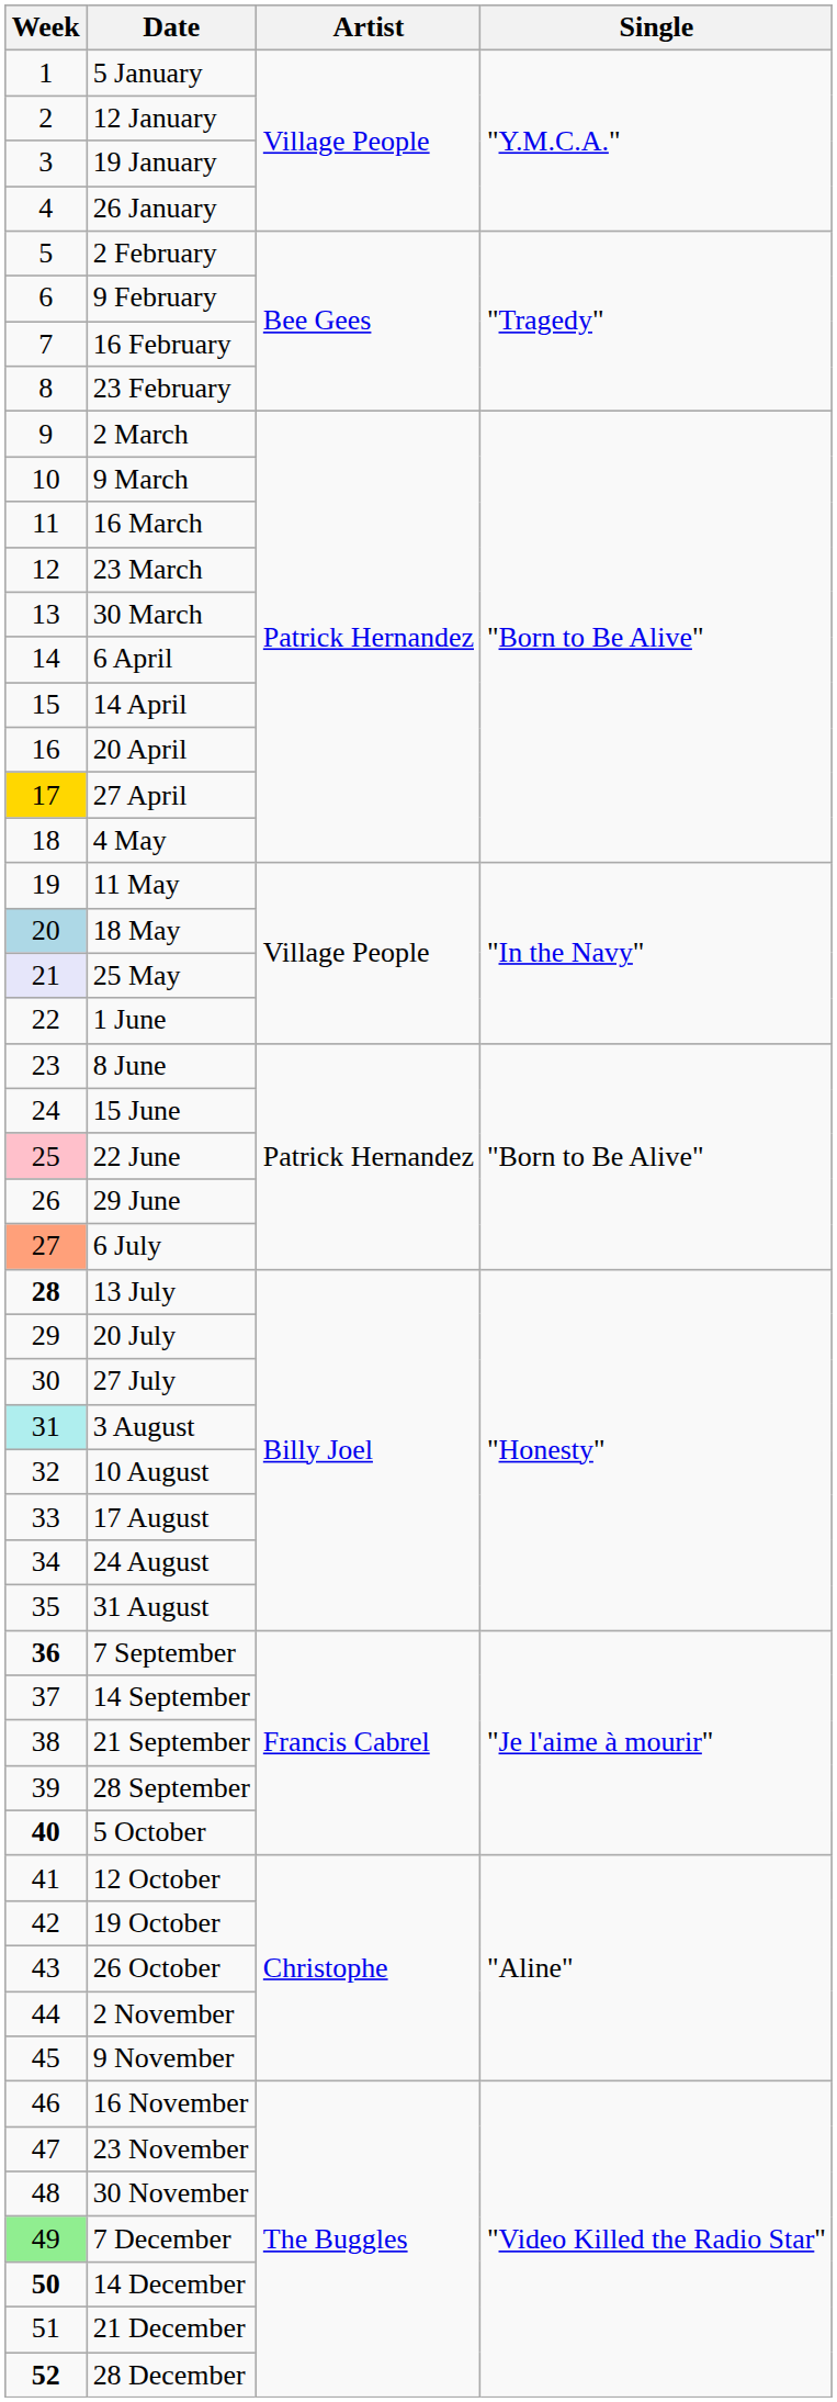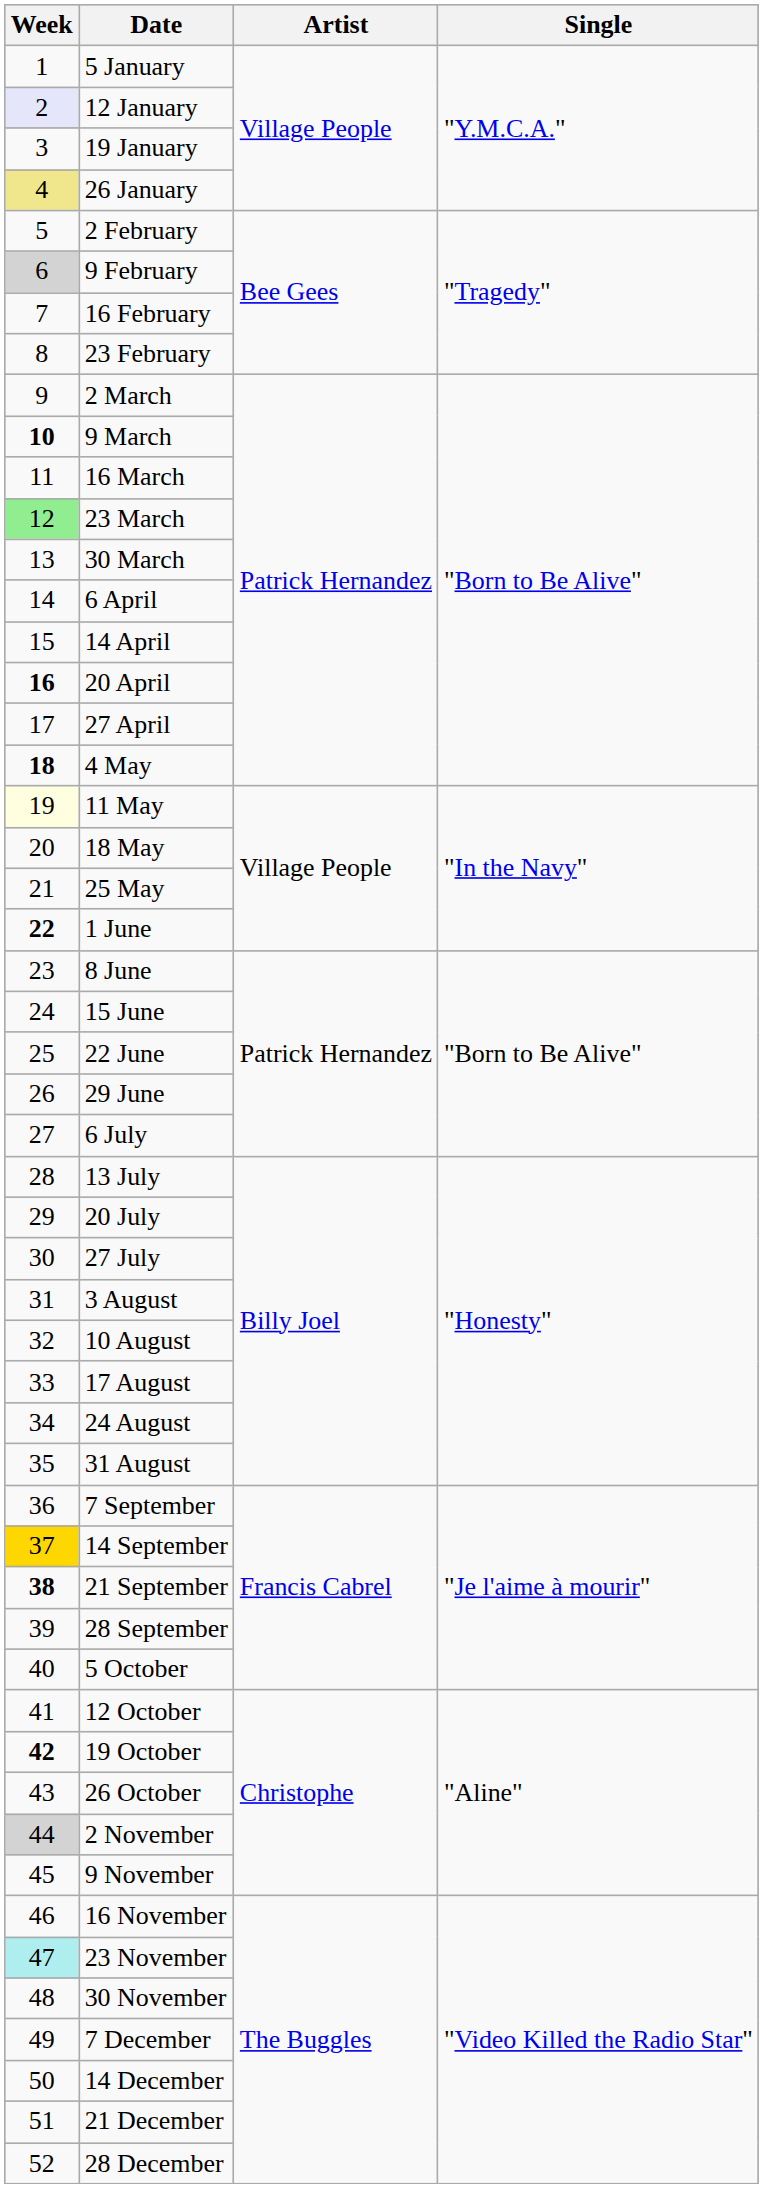 <table class="wikitable">
 <tr>
 <th>Week</th>
 <th>Date</th>
 <th>Artist</th>
 <th>Single</th>
 </tr>
 <tr>
 <td style="text-align: center;">1</td>
 <td>5 January</td>
 <td rowspan="4"><a href='#'>Village People</a></td>
 <td rowspan="4">"<a href='#'>Y.M.C.A.</a>"</td>
 </tr>
 <tr>
-<td style="text-align: center;">2</td>
+<td style="background: lavender; text-align: center;">2</td>
 <td>12 January</td>
 </tr>
 <tr>
 <td style="text-align: center;">3</td>
 <td>19 January</td>
 </tr>
 <tr>
-<td style="text-align: center;">4</td>
+<td style="background: khaki; text-align: center;">4</td>
 <td>26 January</td>
 </tr>
 <tr>
 <td style="text-align: center;">5</td>
 <td>2 February</td>
 <td rowspan="4"><a href='#'>Bee Gees</a></td>
 <td rowspan="4">"<a href='#'>Tragedy</a>"</td>
 </tr>
 <tr>
-<td style="text-align: center;">6</td>
+<td style="background: lightgrey; text-align: center;">6</td>
 <td>9 February</td>
 </tr>
 <tr>
 <td style="text-align: center;">7</td>
 <td>16 February</td>
 </tr>
 <tr>
 <td style="text-align: center;">8</td>
 <td>23 February</td>
 </tr>
 <tr>
 <td style="text-align: center;">9</td>
 <td>2 March</td>
 <td rowspan="10"><a href='#'>Patrick Hernandez</a></td>
 <td rowspan="10">"<a href='#'>Born to Be Alive</a>"</td>
 </tr>
 <tr>
-<td style="text-align: center;">10</td>
+<td style="text-align: center;"><strong>10</strong></td>
 <td>9 March</td>
 </tr>
 <tr>
 <td style="text-align: center;">11</td>
 <td>16 March</td>
 </tr>
 <tr>
-<td style="text-align: center;">12</td>
+<td style="background: lightgreen; text-align: center;">12</td>
 <td>23 March</td>
 </tr>
 <tr>
 <td style="text-align: center;">13</td>
 <td>30 March</td>
 </tr>
 <tr>
 <td style="text-align: center;">14</td>
 <td>6 April</td>
 </tr>
 <tr>
 <td style="text-align: center;">15</td>
 <td>14 April</td>
 </tr>
 <tr>
-<td style="text-align: center;">16</td>
+<td style="text-align: center;"><strong>16</strong></td>
 <td>20 April</td>
 </tr>
 <tr>
-<td style="background: gold; text-align: center;">17</td>
+<td style="text-align: center;">17</td>
 <td>27 April</td>
 </tr>
 <tr>
-<td style="text-align: center;">18</td>
+<td style="text-align: center;"><strong>18</strong></td>
 <td>4 May</td>
 </tr>
 <tr>
-<td style="text-align: center;">19</td>
+<td style="background: lightyellow; text-align: center;">19</td>
 <td>11 May</td>
 <td rowspan="4">Village People</td>
 <td rowspan="4">"<a href='#'>In the Navy</a>"</td>
 </tr>
 <tr>
-<td style="background: lightblue; text-align: center;">20</td>
+<td style="text-align: center;">20</td>
 <td>18 May</td>
 </tr>
 <tr>
-<td style="background: lavender; text-align: center;">21</td>
+<td style="text-align: center;">21</td>
 <td>25 May</td>
 </tr>
 <tr>
-<td style="text-align: center;">22</td>
+<td style="text-align: center;"><strong>22</strong></td>
 <td>1 June</td>
 </tr>
 <tr>
 <td style="text-align: center;">23</td>
 <td>8 June</td>
 <td rowspan="5">Patrick Hernandez</td>
 <td rowspan="5">"Born to Be Alive"</td>
 </tr>
 <tr>
 <td style="text-align: center;">24</td>
 <td>15 June</td>
 </tr>
 <tr>
-<td style="background: pink; text-align: center;">25</td>
+<td style="text-align: center;">25</td>
 <td>22 June</td>
 </tr>
 <tr>
 <td style="text-align: center;">26</td>
 <td>29 June</td>
 </tr>
 <tr>
-<td style="background: lightsalmon; text-align: center;">27</td>
+<td style="text-align: center;">27</td>
 <td>6 July</td>
 </tr>
 <tr>
-<td style="text-align: center;"><strong>28</strong></td>
+<td style="text-align: center;">28</td>
 <td>13 July</td>
 <td rowspan="8"><a href='#'>Billy Joel</a></td>
 <td rowspan="8">"<a href='#'>Honesty</a>"</td>
 </tr>
 <tr>
 <td style="text-align: center;">29</td>
 <td>20 July</td>
 </tr>
 <tr>
 <td style="text-align: center;">30</td>
 <td>27 July</td>
 </tr>
 <tr>
-<td style="background: paleturquoise; text-align: center;">31</td>
+<td style="text-align: center;">31</td>
 <td>3 August</td>
 </tr>
 <tr>
 <td style="text-align: center;">32</td>
 <td>10 August</td>
 </tr>
 <tr>
 <td style="text-align: center;">33</td>
 <td>17 August</td>
 </tr>
 <tr>
 <td style="text-align: center;">34</td>
 <td>24 August</td>
 </tr>
 <tr>
 <td style="text-align: center;">35</td>
 <td>31 August</td>
 </tr>
 <tr>
-<td style="text-align: center;"><strong>36</strong></td>
+<td style="text-align: center;">36</td>
 <td>7 September</td>
 <td rowspan="5"><a href='#'>Francis Cabrel</a></td>
 <td rowspan="5">"<a href='#'>Je l'aime à mourir</a>"</td>
 </tr>
 <tr>
-<td style="text-align: center;">37</td>
+<td style="background: gold; text-align: center;">37</td>
 <td>14 September</td>
 </tr>
 <tr>
-<td style="text-align: center;">38</td>
+<td style="text-align: center;"><strong>38</strong></td>
 <td>21 September</td>
 </tr>
 <tr>
 <td style="text-align: center;">39</td>
 <td>28 September</td>
 </tr>
 <tr>
-<td style="text-align: center;"><strong>40</strong></td>
+<td style="text-align: center;">40</td>
 <td>5 October</td>
 </tr>
 <tr>
 <td style="text-align: center;">41</td>
 <td>12 October</td>
 <td rowspan="5"><a href='#'>Christophe</a></td>
 <td rowspan="5">"Aline"</td>
 </tr>
 <tr>
-<td style="text-align: center;">42</td>
+<td style="text-align: center;"><strong>42</strong></td>
 <td>19 October</td>
 </tr>
 <tr>
 <td style="text-align: center;">43</td>
 <td>26 October</td>
 </tr>
 <tr>
-<td style="text-align: center;">44</td>
+<td style="background: lightgrey; text-align: center;">44</td>
 <td>2 November</td>
 </tr>
 <tr>
 <td style="text-align: center;">45</td>
 <td>9 November</td>
 </tr>
 <tr>
 <td style="text-align: center;">46</td>
 <td>16 November</td>
 <td rowspan="7"><a href='#'>The Buggles</a></td>
 <td rowspan="7">"<a href='#'>Video Killed the Radio Star</a>"</td>
 </tr>
 <tr>
-<td style="text-align: center;">47</td>
+<td style="background: paleturquoise; text-align: center;">47</td>
 <td>23 November</td>
 </tr>
 <tr>
 <td style="text-align: center;">48</td>
 <td>30 November</td>
 </tr>
 <tr>
-<td style="background: lightgreen; text-align: center;">49</td>
+<td style="text-align: center;">49</td>
 <td>7 December</td>
 </tr>
 <tr>
-<td style="text-align: center;"><strong>50</strong></td>
+<td style="text-align: center;">50</td>
 <td>14 December</td>
 </tr>
 <tr>
 <td style="text-align: center;">51</td>
 <td>21 December</td>
 </tr>
 <tr>
-<td style="text-align: center;"><strong>52</strong></td>
+<td style="text-align: center;">52</td>
 <td>28 December</td>
 </tr>
 </table>
